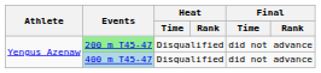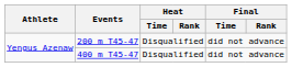 <table class=wikitable style="font-size:90%">
 <tr>
 <th rowspan="2">Athlete</th>
 <th rowspan="2">Events</th>
 <th colspan="2">Heat</th>
 <th colspan="2">Final</th>
 </tr>
 <tr>
 <th>Time</th>
 <th>Rank</th>
 <th>Time</th>
 <th>Rank</th>
 </tr>
 <tr align=center>
 <td align=left rowspan=2><a href='#'>Yengus Azenaw</a></td>
-<td align=left style="background: lightgreen;"><a href='#'>200 m T45-47</a></td>
+<td align=left><a href='#'>200 m T45-47</a></td>
 <td colspan=2>Disqualified</td>
 <td colspan=2>did not advance</td>
 </tr>
 <tr align=center>
-<td align=left style="background: lightblue;"><a href='#'>400 m T45-47</a></td>
+<td align=left><a href='#'>400 m T45-47</a></td>
 <td colspan=2>Disqualified</td>
 <td colspan=2>did not advance</td>
 </tr>
 </table>
